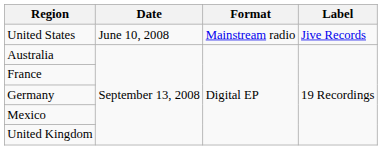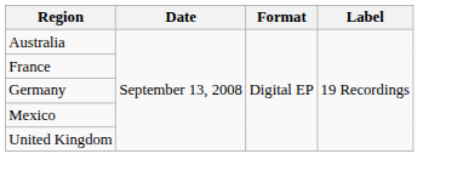 <table class="wikitable">
 <tr>
 <th>Region</th>
 <th>Date</th>
 <th>Format</th>
 <th>Label</th>
-</tr>
-<tr>
-<td>United States</td>
-<td>June 10, 2008</td>
-<td><a href='#'>Mainstream</a> radio</td>
-<td><a href='#'>Jive Records</a></td>
 </tr>
 <tr>
 <td>Australia</td>
 <td rowspan=5>September 13, 2008</td>
 <td rowspan=5>Digital EP</td>
 <td rowspan=5>19 Recordings</td>
 </tr>
 <tr>
 <td>France</td>
 </tr>
 <tr>
 <td>Germany</td>
 </tr>
 <tr>
 <td>Mexico</td>
 </tr>
 <tr>
 <td>United Kingdom</td>
 </tr>
 </table>
